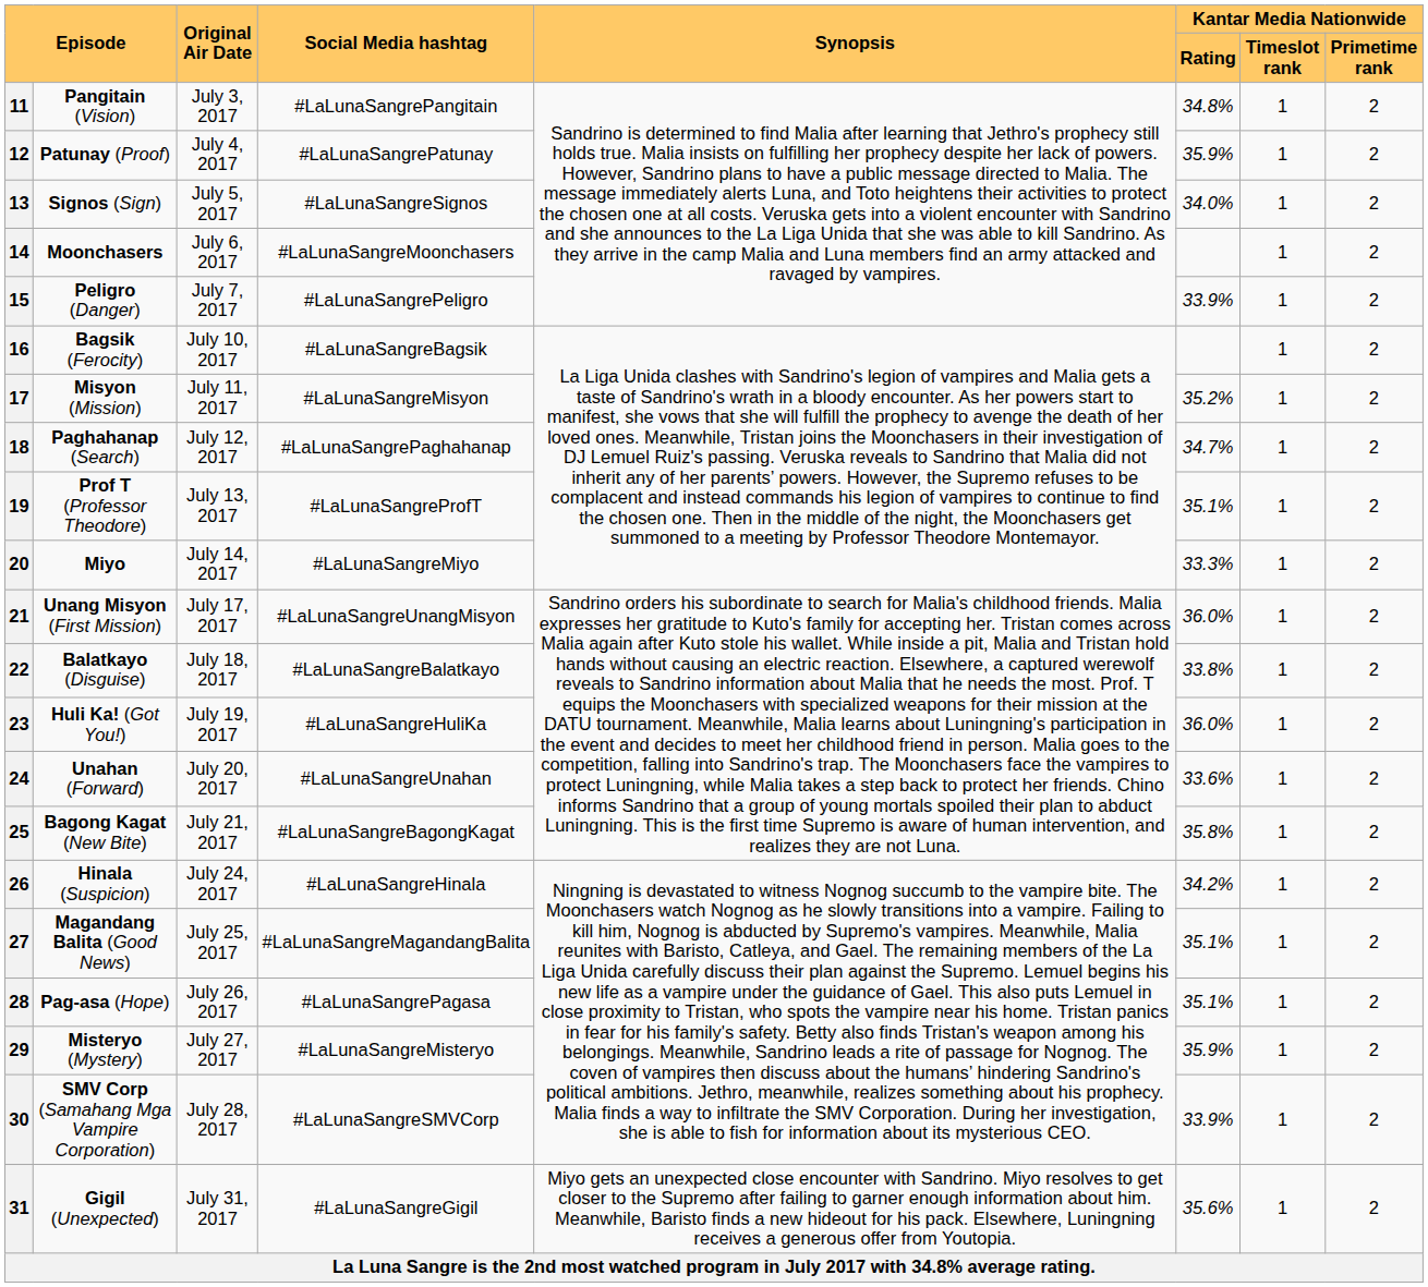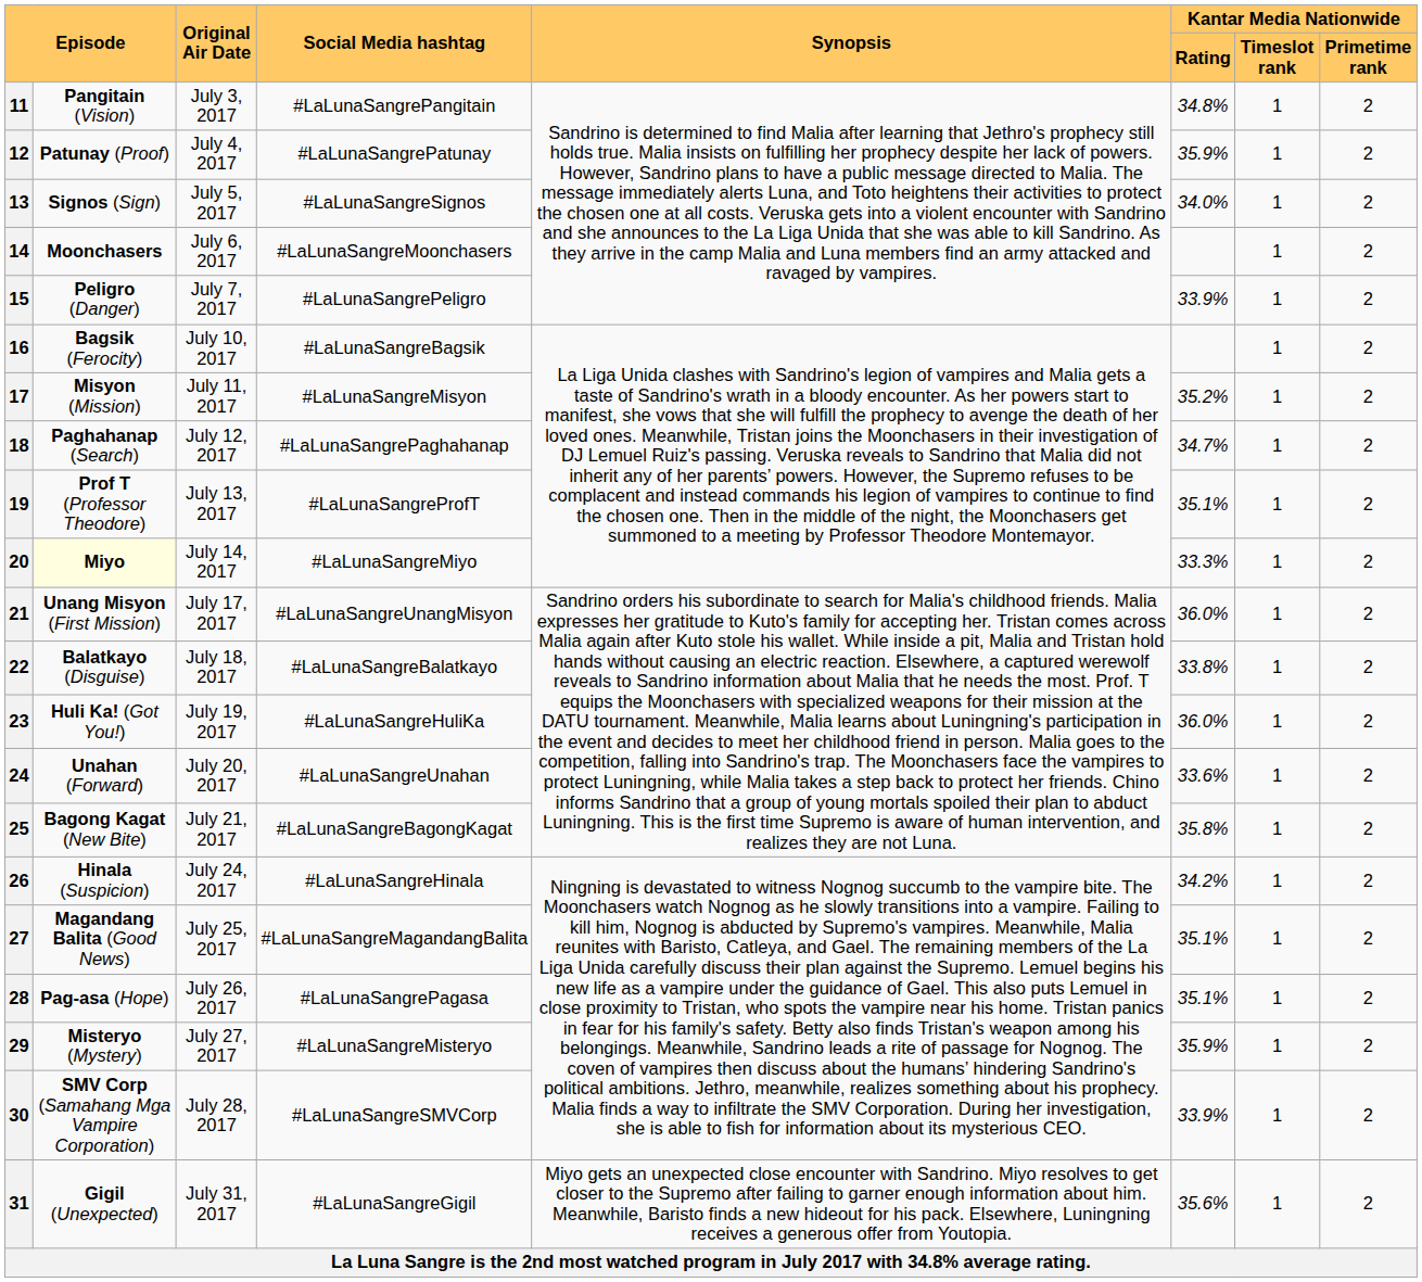 <table class="wikitable" style="text-align:center; font-size:100%; line-height:18px;"  width="100%">
 <tr>
 <th style="background-color:#FFC966; color:#000000;" colspan="2" rowspan="2">Episode</th>
 <th style="background-color:#FFC966; color:#000000;" rowspan="2">Original Air Date</th>
 <th style="background-color:#FFC966; color:#000000;" rowspan="2">Social Media hashtag</th>
 <th style="background-color:#FFC966; color:#000000;" rowspan="2">Synopsis</th>
 <th style="background-color:#FFC966; color:#000000;" colspan="3">Kantar Media Nationwide</th>
 </tr>
 <tr>
 <th style="background-color:#FFC966; color:#000000;">Rating</th>
 <th style="background-color:#FFC966; color:#000000;">Timeslot rank</th>
 <th style="background-color:#FFC966; color:#000000;">Primetime rank</th>
 </tr>
 <tr>
 <th>11</th>
 <td><strong>Pangitain</strong> (<em>Vision</em>)</td>
 <td>July 3, 2017</td>
 <td>#LaLunaSangrePangitain</td>
 <td rowspan="5">Sandrino is determined to find Malia after learning that Jethro's prophecy still holds true. Malia insists on fulfilling her prophecy despite her lack of powers. However, Sandrino plans to have a public message directed to Malia. The message immediately alerts Luna, and Toto heightens their activities to protect the chosen one at all costs. Veruska gets into a violent encounter with Sandrino and she announces to the La Liga Unida that she was able to kill Sandrino. As they arrive in the camp Malia and Luna members find an army attacked and ravaged by vampires.</td>
 <td><em>34.8%</em></td>
 <td>1</td>
 <td>2</td>
 </tr>
 <tr>
 <th>12</th>
 <td><strong>Patunay</strong> (<em>Proof</em>)</td>
 <td>July 4, 2017</td>
 <td>#LaLunaSangrePatunay</td>
 <td><em>35.9%</em> </td>
 <td>1</td>
 <td>2</td>
 </tr>
 <tr>
 <th>13</th>
 <td><strong>Signos</strong> (<em>Sign</em>)</td>
 <td>July 5, 2017</td>
 <td>#LaLunaSangreSignos</td>
 <td><em>34.0%</em> </td>
 <td>1</td>
 <td>2</td>
 </tr>
 <tr>
 <th>14</th>
 <td><strong>Moonchasers</strong></td>
 <td>July 6, 2017</td>
 <td>#LaLunaSangreMoonchasers</td>
 <td></td>
 <td>1</td>
 <td>2</td>
 </tr>
 <tr>
 <th>15</th>
 <td><strong>Peligro</strong> (<em>Danger</em>)</td>
 <td>July 7, 2017</td>
 <td>#LaLunaSangrePeligro</td>
 <td><em>33.9%</em></td>
 <td>1</td>
 <td>2</td>
 </tr>
 <tr>
 <th>16</th>
 <td><strong>Bagsik</strong> (<em>Ferocity</em>)</td>
 <td>July 10, 2017</td>
 <td>#LaLunaSangreBagsik</td>
 <td rowspan="5">La Liga Unida clashes with Sandrino's legion of vampires and Malia gets a taste of Sandrino's wrath in a bloody encounter. As her powers start to manifest, she vows that she will fulfill the prophecy to avenge the death of her loved ones. Meanwhile, Tristan joins the Moonchasers in their investigation of DJ Lemuel Ruiz's passing.  Veruska reveals to Sandrino that Malia did not inherit any of her parents’ powers. However, the Supremo refuses to be complacent and instead commands his legion of vampires to continue to find the chosen one. Then in the middle of the night, the Moonchasers get summoned to a meeting by Professor Theodore Montemayor.</td>
 <td></td>
 <td>1</td>
 <td>2</td>
 </tr>
 <tr>
 <th>17</th>
 <td><strong>Misyon</strong> (<em>Mission</em>)</td>
 <td>July 11, 2017</td>
 <td>#LaLunaSangreMisyon</td>
 <td><em>35.2%</em> </td>
 <td>1</td>
 <td>2</td>
 </tr>
 <tr>
 <th>18</th>
 <td><strong>Paghahanap</strong> (<em>Search</em>)</td>
 <td>July 12, 2017</td>
 <td>#LaLunaSangrePaghahanap</td>
 <td><em>34.7%</em> </td>
 <td>1</td>
 <td>2</td>
 </tr>
 <tr>
 <th>19</th>
 <td><strong>Prof T</strong> (<em>Professor Theodore</em>)</td>
 <td>July 13, 2017</td>
 <td>#LaLunaSangreProfT</td>
 <td><em>35.1%</em> </td>
 <td>1</td>
 <td>2</td>
 </tr>
 <tr>
 <th>20</th>
-<td><strong>Miyo</strong></td>
+<td style="background: lightyellow;"><strong>Miyo</strong></td>
 <td>July 14, 2017</td>
 <td>#LaLunaSangreMiyo</td>
 <td><em>33.3%</em></td>
 <td>1</td>
 <td>2</td>
 </tr>
 <tr>
 <th>21</th>
 <td><strong>Unang Misyon</strong> (<em>First Mission</em>)</td>
 <td>July 17, 2017</td>
 <td>#LaLunaSangreUnangMisyon</td>
 <td rowspan="5">Sandrino orders his subordinate to search for Malia's childhood friends. Malia expresses her gratitude to Kuto's family for accepting her. Tristan comes across Malia again after Kuto stole his wallet. While inside a pit, Malia and Tristan hold hands without causing an electric reaction. Elsewhere, a captured werewolf reveals to Sandrino information about Malia that he needs the most. Prof. T equips the Moonchasers with specialized weapons for their mission at the DATU tournament. Meanwhile, Malia learns about Luningning's participation in the event and decides to meet her childhood friend in person. Malia goes to the competition, falling into Sandrino's trap. The Moonchasers face the vampires to protect Luningning, while Malia takes a step back to protect her friends. Chino informs Sandrino that a group of young mortals spoiled their plan to abduct Luningning. This is the first time Supremo is aware of human intervention, and realizes they are not Luna.</td>
 <td><em>36.0%</em></td>
 <td>1</td>
 <td>2</td>
 </tr>
 <tr>
 <th>22</th>
 <td><strong>Balatkayo</strong> (<em>Disguise</em>)</td>
 <td>July 18, 2017</td>
 <td>#LaLunaSangreBalatkayo</td>
 <td><em>33.8%</em></td>
 <td>1</td>
 <td>2</td>
 </tr>
 <tr>
 <th>23</th>
 <td><strong>Huli Ka!</strong> (<em>Got You!</em>)</td>
 <td>July 19, 2017</td>
 <td>#LaLunaSangreHuliKa</td>
 <td><em>36.0%</em></td>
 <td>1</td>
 <td>2</td>
 </tr>
 <tr>
 <th>24</th>
 <td><strong>Unahan</strong> (<em>Forward</em>)</td>
 <td>July 20, 2017</td>
 <td>#LaLunaSangreUnahan</td>
 <td><em>33.6%</em></td>
 <td>1</td>
 <td>2</td>
 </tr>
 <tr>
 <th>25</th>
 <td><strong>Bagong Kagat</strong> (<em>New Bite</em>)</td>
 <td>July 21, 2017</td>
 <td>#LaLunaSangreBagongKagat</td>
 <td><em>35.8%</em></td>
 <td>1</td>
 <td>2</td>
 </tr>
 <tr>
 <th>26</th>
 <td><strong>Hinala</strong> (<em>Suspicion</em>)</td>
 <td>July 24, 2017</td>
 <td>#LaLunaSangreHinala</td>
 <td rowspan="5">Ningning is devastated to witness Nognog succumb to the vampire bite. The Moonchasers watch Nognog as he slowly transitions into a vampire. Failing to kill him, Nognog is abducted by Supremo's vampires. Meanwhile, Malia reunites with Baristo, Catleya, and Gael. The remaining members of the La Liga Unida carefully discuss their plan against the Supremo. Lemuel begins his new life as a vampire under the guidance of Gael. This also puts Lemuel in close proximity to Tristan, who spots the vampire near his home. Tristan panics in fear for his family's safety. Betty also finds Tristan's weapon among his belongings. Meanwhile, Sandrino leads a rite of passage for Nognog. The coven of vampires then discuss about the humans’ hindering Sandrino's political ambitions. Jethro, meanwhile, realizes something about his prophecy. Malia finds a way to infiltrate the SMV Corporation. During her investigation, she is able to fish for information about its mysterious CEO.</td>
 <td><em>34.2%</em></td>
 <td>1</td>
 <td>2</td>
 </tr>
 <tr>
 <th>27</th>
 <td><strong>Magandang Balita</strong> (<em>Good News</em>)</td>
 <td>July 25, 2017</td>
 <td>#LaLunaSangreMagandangBalita</td>
 <td><em>35.1%</em></td>
 <td>1</td>
 <td>2</td>
 </tr>
 <tr>
 <th>28</th>
 <td><strong>Pag-asa</strong> (<em>Hope</em>)</td>
 <td>July 26, 2017</td>
 <td>#LaLunaSangrePagasa</td>
 <td><em>35.1%</em></td>
 <td>1</td>
 <td>2</td>
 </tr>
 <tr>
 <th>29</th>
 <td><strong>Misteryo</strong> (<em>Mystery</em>)</td>
 <td>July 27, 2017</td>
 <td>#LaLunaSangreMisteryo</td>
 <td><em>35.9%</em></td>
 <td>1</td>
 <td>2</td>
 </tr>
 <tr>
 <th>30</th>
 <td><strong>SMV Corp</strong> (<em>Samahang Mga Vampire Corporation</em>)</td>
 <td>July 28, 2017</td>
 <td>#LaLunaSangreSMVCorp</td>
 <td><em>33.9%</em></td>
 <td>1</td>
 <td>2</td>
 </tr>
 <tr>
 <th>31</th>
 <td><strong>Gigil</strong> (<em>Unexpected</em>)</td>
 <td>July 31, 2017</td>
 <td>#LaLunaSangreGigil</td>
 <td>Miyo gets an unexpected close encounter with Sandrino. Miyo resolves to get closer to the Supremo after failing to garner enough information about him. Meanwhile, Baristo finds a new hideout for his pack. Elsewhere, Luningning receives a generous offer from Youtopia.</td>
 <td><em>35.6%</em></td>
 <td>1</td>
 <td>2</td>
 </tr>
 <tr>
 <th colspan = "8" style="text-align: center; border-: 3px solid #ffba31;">La Luna Sangre is the 2nd most watched program in July 2017 with 34.8% average rating.</th>
 </tr>
 <tr>
 </tr>
 </table>
